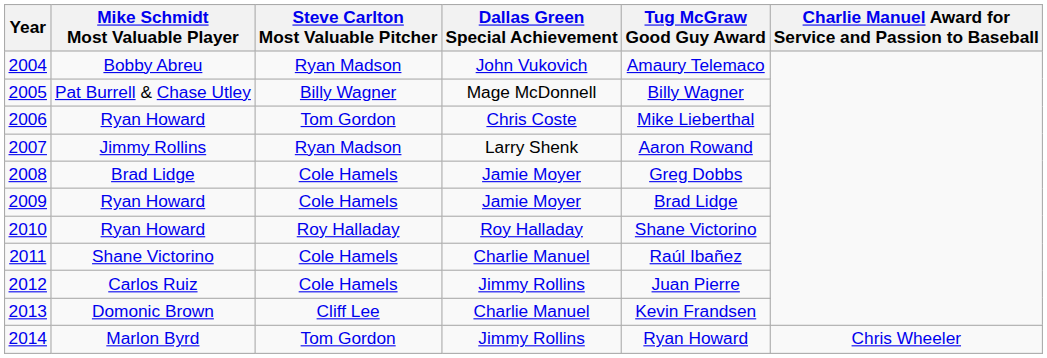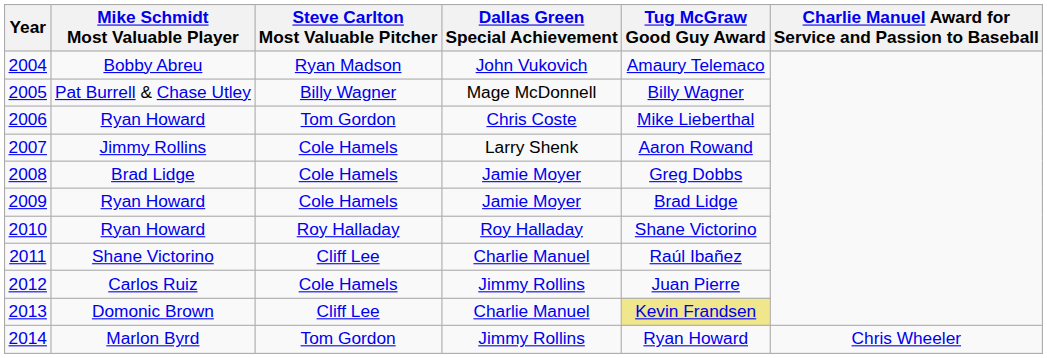 <table class="wikitable" style="text-align:center">
 <tr>
 <th>Year</th>
 <th><a href='#'><span>Mike Schmidt</span></a><br>Most Valuable Player</th>
 <th><a href='#'><span>Steve Carlton</span></a><br>Most Valuable Pitcher</th>
 <th><a href='#'><span>Dallas Green</span></a><br>Special Achievement</th>
 <th><a href='#'><span>Tug McGraw</span></a><br>Good Guy Award</th>
 <th><a href='#'><span>Charlie Manuel</span></a> Award for<br>Service and Passion to Baseball</th>
 </tr>
 <tr>
 <td><a href='#'>2004</a></td>
 <td><a href='#'>Bobby Abreu</a></td>
 <td><a href='#'>Ryan Madson</a></td>
 <td><a href='#'>John Vukovich</a></td>
 <td><a href='#'>Amaury Telemaco</a></td>
 </tr>
 <tr>
 <td><a href='#'>2005</a></td>
 <td><a href='#'>Pat Burrell</a> & <a href='#'>Chase Utley</a></td>
 <td><a href='#'>Billy Wagner</a></td>
 <td>Mage McDonnell</td>
 <td><a href='#'>Billy Wagner</a></td>
 </tr>
 <tr>
 <td><a href='#'>2006</a></td>
 <td><a href='#'>Ryan Howard</a></td>
 <td><a href='#'>Tom Gordon</a></td>
 <td><a href='#'>Chris Coste</a></td>
 <td><a href='#'>Mike Lieberthal</a></td>
 </tr>
 <tr>
 <td><a href='#'>2007</a></td>
 <td><a href='#'>Jimmy Rollins</a></td>
-<td><a href='#'>Ryan Madson</a></td>
+<td><a href='#'>Cole Hamels</a></td>
 <td>Larry Shenk</td>
 <td><a href='#'>Aaron Rowand</a></td>
 </tr>
 <tr>
 <td><a href='#'>2008</a></td>
 <td><a href='#'>Brad Lidge</a></td>
 <td><a href='#'>Cole Hamels</a></td>
 <td><a href='#'>Jamie Moyer</a></td>
 <td><a href='#'>Greg Dobbs</a></td>
 </tr>
 <tr>
 <td><a href='#'>2009</a></td>
 <td><a href='#'>Ryan Howard</a></td>
 <td><a href='#'>Cole Hamels</a></td>
 <td><a href='#'>Jamie Moyer</a></td>
 <td><a href='#'>Brad Lidge</a></td>
 </tr>
 <tr>
 <td><a href='#'>2010</a></td>
 <td><a href='#'>Ryan Howard</a></td>
 <td><a href='#'>Roy Halladay</a></td>
 <td><a href='#'>Roy Halladay</a></td>
 <td><a href='#'>Shane Victorino</a></td>
 </tr>
 <tr>
 <td><a href='#'>2011</a></td>
 <td><a href='#'>Shane Victorino</a></td>
-<td><a href='#'>Cole Hamels</a></td>
+<td><a href='#'>Cliff Lee</a></td>
 <td><a href='#'>Charlie Manuel</a></td>
 <td><a href='#'>Raúl Ibañez</a></td>
 </tr>
 <tr>
 <td><a href='#'>2012</a></td>
 <td><a href='#'>Carlos Ruiz</a></td>
 <td><a href='#'>Cole Hamels</a></td>
 <td><a href='#'>Jimmy Rollins</a></td>
 <td><a href='#'>Juan Pierre</a></td>
 </tr>
 <tr>
 <td><a href='#'>2013</a></td>
 <td><a href='#'>Domonic Brown</a></td>
 <td><a href='#'>Cliff Lee</a></td>
 <td><a href='#'>Charlie Manuel</a></td>
-<td><a href='#'>Kevin Frandsen</a></td>
+<td style="background: khaki;"><a href='#'>Kevin Frandsen</a></td>
 </tr>
 <tr>
 <td><a href='#'>2014</a></td>
 <td><a href='#'>Marlon Byrd</a></td>
 <td><a href='#'>Tom Gordon</a></td>
 <td><a href='#'>Jimmy Rollins</a></td>
 <td><a href='#'>Ryan Howard</a></td>
 <td><a href='#'>Chris Wheeler</a></td>
 </tr>
 </table>
